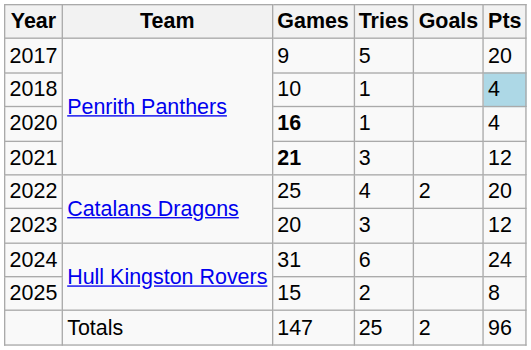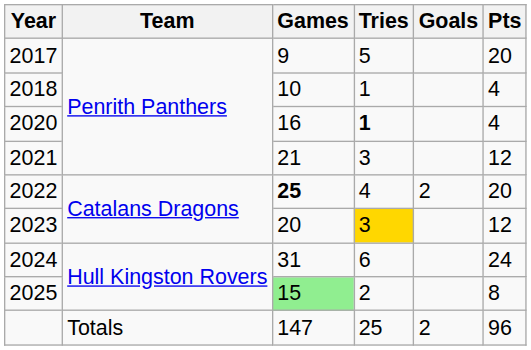 <table class="wikitable">
 <tr>
 <th>Year</th>
 <th>Team</th>
 <th>Games</th>
 <th>Tries</th>
 <th>Goals</th>
 <th>Pts</th>
 </tr>
 <tr>
 <td>2017</td>
 <td rowspan="4"> <a href='#'>Penrith Panthers</a></td>
 <td>9</td>
 <td>5</td>
 <td></td>
 <td>20</td>
 </tr>
 <tr>
 <td>2018</td>
 <td>10</td>
 <td>1</td>
 <td></td>
-<td style="background: lightblue;">4</td>
+<td>4</td>
 </tr>
 <tr>
 <td>2020</td>
-<td><strong>16</strong></td>
-<td>1</td>
+<td>16</td>
+<td><strong>1</strong></td>
 <td></td>
 <td>4</td>
 </tr>
 <tr>
 <td>2021</td>
-<td><strong>21</strong></td>
+<td>21</td>
 <td>3</td>
 <td></td>
 <td>12</td>
 </tr>
 <tr>
 <td>2022</td>
 <td rowspan="2"> <a href='#'>Catalans Dragons</a></td>
-<td>25</td>
+<td><strong>25</strong></td>
 <td>4</td>
 <td>2</td>
 <td>20</td>
 </tr>
 <tr>
 <td>2023</td>
 <td>20</td>
-<td>3</td>
+<td style="background: gold;">3</td>
 <td></td>
 <td>12</td>
 </tr>
 <tr>
 <td>2024</td>
 <td rowspan="2"> <a href='#'>Hull Kingston Rovers</a></td>
 <td>31</td>
 <td>6</td>
 <td></td>
 <td>24</td>
 </tr>
 <tr>
 <td>2025</td>
-<td>15</td>
+<td style="background: lightgreen;">15</td>
 <td>2</td>
 <td></td>
 <td>8</td>
 </tr>
 <tr>
 <td></td>
 <td>Totals</td>
 <td>147</td>
 <td>25</td>
 <td>2</td>
 <td>96</td>
 </tr>
 </table>
